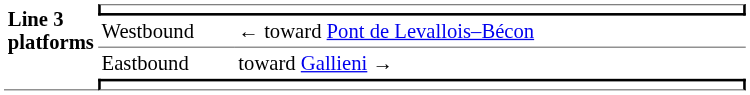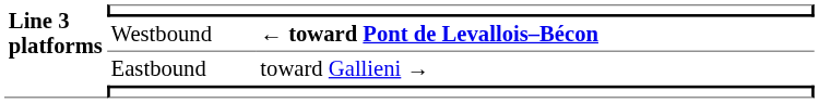 <table border=0 cellspacing=0 cellpadding=3>
 <tr>
 <td style="border-bottom:solid 1px gray;" width=50 rowspan=10 valign=top><strong>Line 3 platforms</strong></td>
 <td style="border-top:solid 1px gray;border-right:solid 2px black;border-left:solid 2px black;border-bottom:solid 2px black;text-align:center;" colspan=2></td>
 </tr>
 <tr>
 <td style="border-bottom:solid 1px gray;" width=100>Westbound</td>
-<td style="border-bottom:solid 1px gray;" width=390>←   toward <a href='#'>Pont de Levallois–Bécon</a> </td>
+<td style="border-bottom:solid 1px gray;" width=390><strong>←   toward <a href='#'>Pont de Levallois–Bécon</a> </strong></td>
 </tr>
 <tr>
 <td>Eastbound</td>
 <td>   toward <a href='#'>Gallieni</a>  →</td>
 </tr>
 <tr>
 <td style="border-top:solid 2px black;border-right:solid 2px black;border-left:solid 2px black;border-bottom:solid 1px gray;text-align:center;" colspan=2></td>
 </tr>
 </table>
